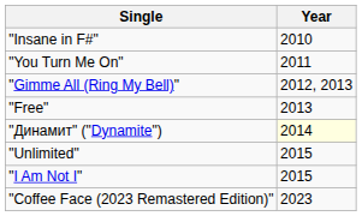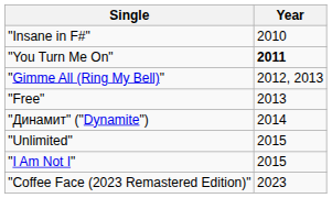 <table class="wikitable plainrowheaders" style="text-align:left;" border="1">
 <tr>
 <th>Single</th>
 <th>Year</th>
 </tr>
 <tr>
 <td>"Insane in F#"</td>
 <td rowspan="1">2010</td>
 </tr>
 <tr>
 <td>"You Turn Me On"</td>
-<td rowspan="1">2011</td>
+<td rowspan="1"><strong>2011</strong></td>
 </tr>
 <tr>
 <td>"<a href='#'>Gimme All (Ring My Bell)</a>"</td>
 <td rowspan="1">2012, 2013</td>
 </tr>
 <tr>
 <td>"Free"</td>
 <td rowspan="1">2013</td>
 </tr>
 <tr>
 <td>"Динамит" ("<a href='#'>Dynamite</a>")</td>
-<td rowspan="1" style="background: lightyellow;">2014</td>
+<td rowspan="1">2014</td>
 </tr>
 <tr>
 <td>"Unlimited"</td>
 <td rowspan="1">2015</td>
 </tr>
 <tr>
 <td>"<a href='#'>I Am Not I</a>"</td>
 <td rowspan="1">2015</td>
 </tr>
 <tr>
 <td>"Coffee Face (2023 Remastered Edition)"</td>
 <td rowspan="1">2023</td>
 </tr>
 </table>
